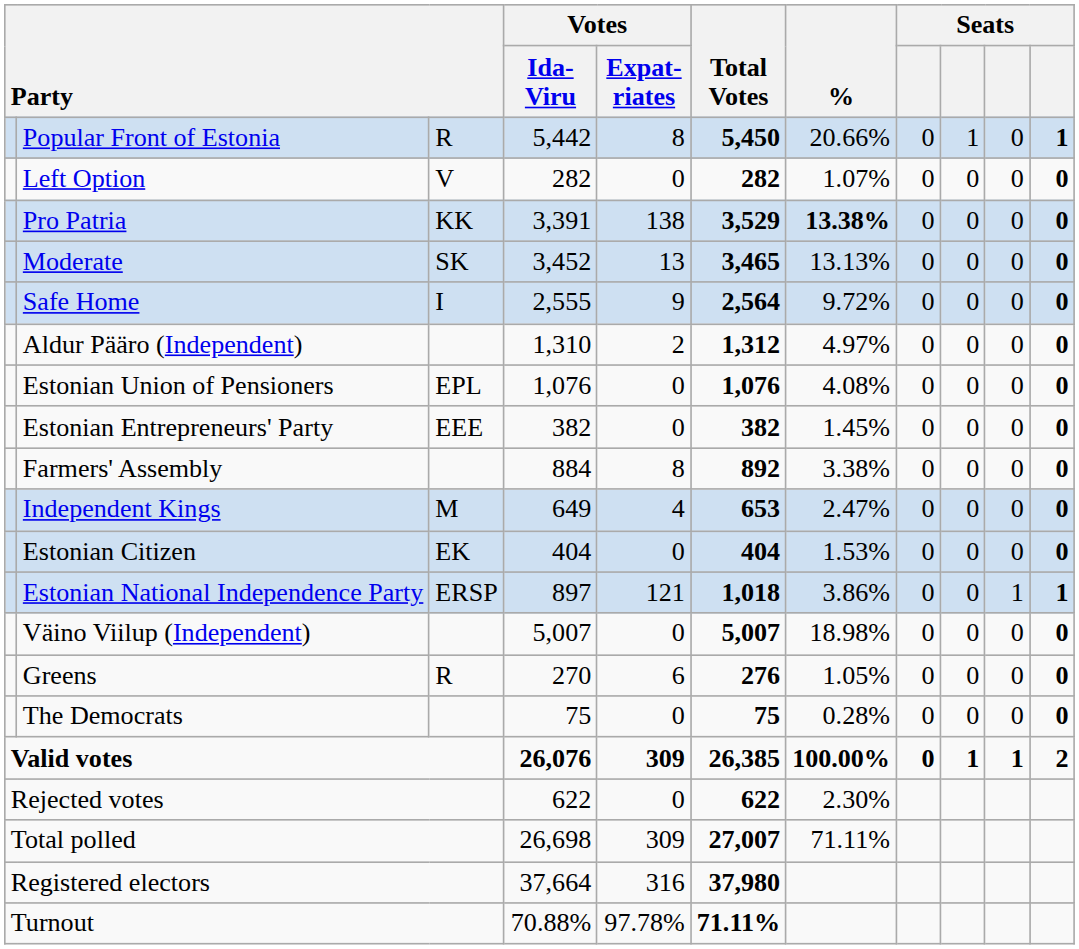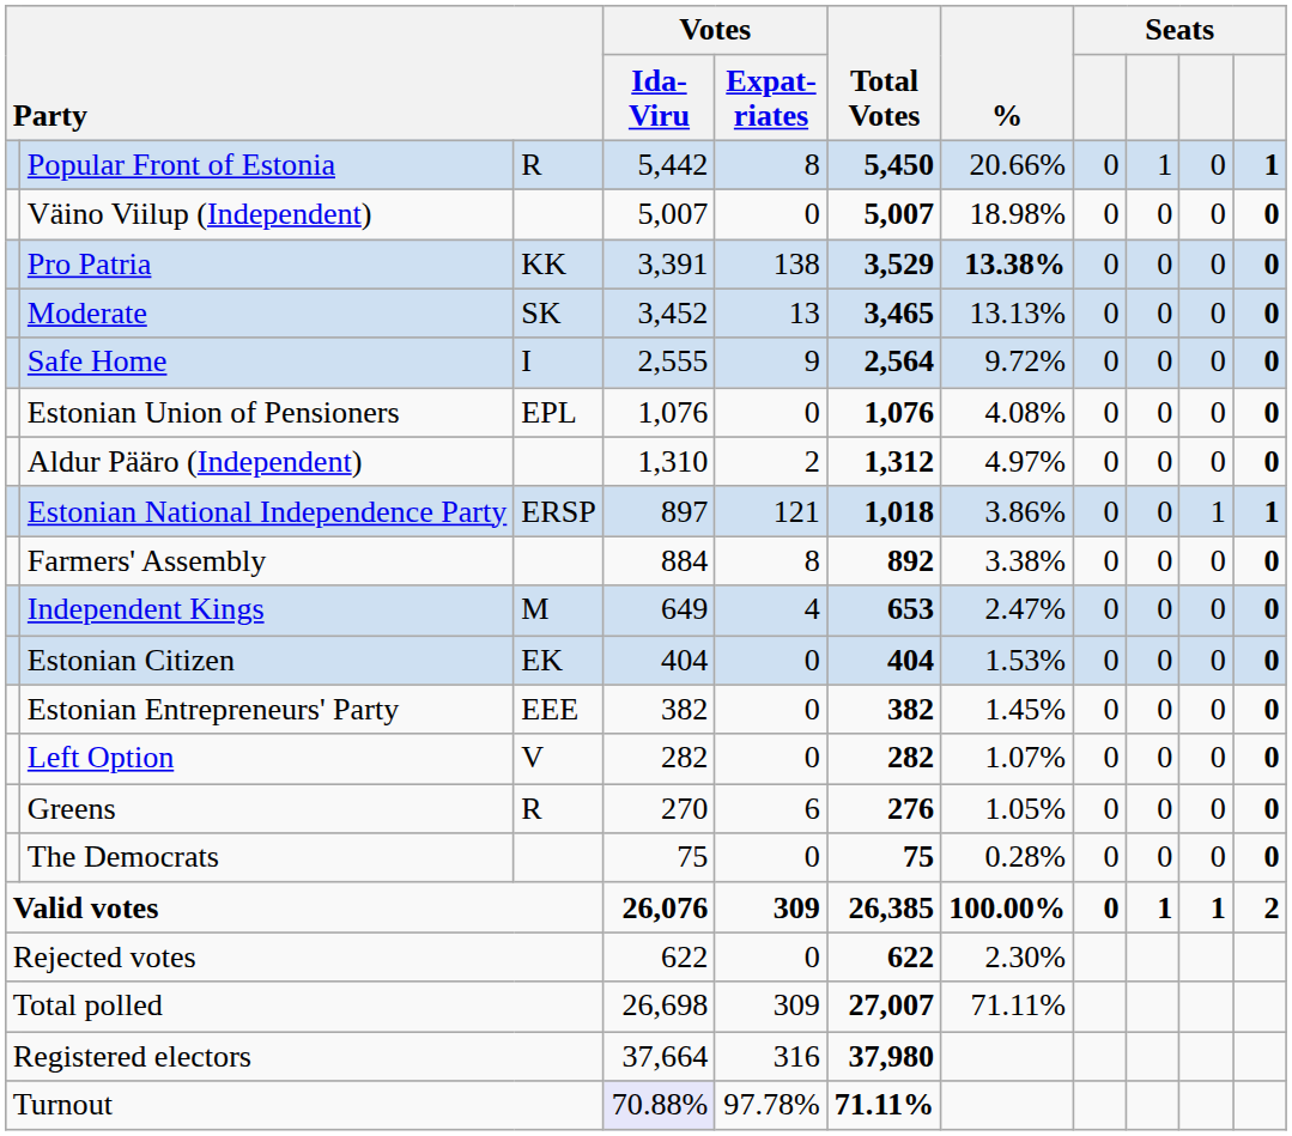 <table class="wikitable" border="1" style="text-align:right;">
 <tr>
 <th style="text-align:left;" valign=bottom rowspan=2 colspan=3>Party</th>
 <th colspan=2>Votes</th>
 <th align=center valign=bottom rowspan=2 width="50">Total Votes</th>
 <th align=center valign=bottom rowspan=2 width="50">%</th>
 <th colspan=4>Seats</th>
 </tr>
 <tr>
 <th align=center valign=bottom width="50"><a href='#'>Ida- Viru</a></th>
 <th align=center valign=bottom width="50"><a href='#'>Expat- riates</a></th>
 <th align=center valign=bottom width="20"><small></small></th>
 <th align=center valign=bottom width="20"><small></small></th>
 <th align=center valign=bottom width="20"><small></small></th>
 <th align=center valign=bottom width="20"><small></small></th>
 </tr>
 <tr style="background:#CEE0F2;">
 <td style="background:"></td>
 <td align=left><a href='#'>Popular Front of Estonia</a></td>
 <td align=left>R</td>
 <td>5,442</td>
 <td>8</td>
 <td><strong>5,450</strong></td>
 <td>20.66%</td>
 <td>0</td>
 <td>1</td>
 <td>0</td>
 <td><strong>1</strong></td>
 </tr>
 <tr>
 <td style="background:"></td>
-<td align=left><a href='#'>Left Option</a></td>
-<td align=left>V</td>
-<td>282</td>
+<td align=left>Väino Viilup (<a href='#'>Independent</a>)</td>
+<td></td>
+<td>5,007</td>
 <td>0</td>
-<td><strong>282</strong></td>
-<td>1.07%</td>
+<td><strong>5,007</strong></td>
+<td>18.98%</td>
 <td>0</td>
 <td>0</td>
 <td>0</td>
 <td><strong>0</strong></td>
 </tr>
 <tr style="background:#CEE0F2;">
 <td style="background:"></td>
 <td align=left><a href='#'>Pro Patria</a></td>
 <td align=left>KK</td>
 <td>3,391</td>
 <td>138</td>
 <td><strong>3,529</strong></td>
 <td><strong>13.38%</strong></td>
 <td>0</td>
 <td>0</td>
 <td>0</td>
 <td><strong>0</strong></td>
 </tr>
 <tr style="background:#CEE0F2;">
 <td style="background:"></td>
 <td align=left><a href='#'>Moderate</a></td>
 <td align=left>SK</td>
 <td>3,452</td>
 <td>13</td>
 <td><strong>3,465</strong></td>
 <td>13.13%</td>
 <td>0</td>
 <td>0</td>
 <td>0</td>
 <td><strong>0</strong></td>
 </tr>
 <tr style="background:#CEE0F2;">
 <td style="background:"></td>
 <td align=left><a href='#'>Safe Home</a></td>
 <td align=left>I</td>
 <td>2,555</td>
 <td>9</td>
 <td><strong>2,564</strong></td>
 <td>9.72%</td>
 <td>0</td>
 <td>0</td>
 <td>0</td>
 <td><strong>0</strong></td>
 </tr>
 <tr>
-<td style="background:"></td>
-<td align=left>Aldur Pääro (<a href='#'>Independent</a>)</td>
-<td></td>
-<td>1,310</td>
-<td>2</td>
-<td><strong>1,312</strong></td>
-<td>4.97%</td>
-<td>0</td>
-<td>0</td>
-<td>0</td>
-<td><strong>0</strong></td>
-</tr>
-<tr>
 <td></td>
 <td align=left>Estonian Union of Pensioners</td>
 <td align=left>EPL</td>
 <td>1,076</td>
 <td>0</td>
 <td><strong>1,076</strong></td>
 <td>4.08%</td>
 <td>0</td>
 <td>0</td>
 <td>0</td>
 <td><strong>0</strong></td>
 </tr>
 <tr>
+<td style="background:"></td>
+<td align=left>Aldur Pääro (<a href='#'>Independent</a>)</td>
 <td></td>
-<td align=left>Estonian Entrepreneurs' Party</td>
-<td align=left>EEE</td>
-<td>382</td>
-<td>0</td>
-<td><strong>382</strong></td>
-<td>1.45%</td>
+<td>1,310</td>
+<td>2</td>
+<td><strong>1,312</strong></td>
+<td>4.97%</td>
 <td>0</td>
 <td>0</td>
 <td>0</td>
 <td><strong>0</strong></td>
+</tr>
+<tr style="background:#CEE0F2;">
+<td></td>
+<td align=left><a href='#'>Estonian National Independence Party</a></td>
+<td align=left>ERSP</td>
+<td>897</td>
+<td>121</td>
+<td><strong>1,018</strong></td>
+<td>3.86%</td>
+<td>0</td>
+<td>0</td>
+<td>1</td>
+<td><strong>1</strong></td>
 </tr>
 <tr>
 <td></td>
 <td align=left>Farmers' Assembly</td>
 <td></td>
 <td>884</td>
 <td>8</td>
 <td><strong>892</strong></td>
 <td>3.38%</td>
 <td>0</td>
 <td>0</td>
 <td>0</td>
 <td><strong>0</strong></td>
 </tr>
 <tr style="background:#CEE0F2;">
 <td></td>
 <td align=left><a href='#'>Independent Kings</a></td>
 <td align=left>M</td>
 <td>649</td>
 <td>4</td>
 <td><strong>653</strong></td>
 <td>2.47%</td>
 <td>0</td>
 <td>0</td>
 <td>0</td>
 <td><strong>0</strong></td>
 </tr>
 <tr style="background:#CEE0F2;">
 <td></td>
 <td align=left>Estonian Citizen</td>
 <td align=left>EK</td>
 <td>404</td>
 <td>0</td>
 <td><strong>404</strong></td>
 <td>1.53%</td>
 <td>0</td>
 <td>0</td>
 <td>0</td>
 <td><strong>0</strong></td>
 </tr>
-<tr style="background:#CEE0F2;">
+<tr>
 <td></td>
-<td align=left><a href='#'>Estonian National Independence Party</a></td>
-<td align=left>ERSP</td>
-<td>897</td>
-<td>121</td>
-<td><strong>1,018</strong></td>
-<td>3.86%</td>
+<td align=left>Estonian Entrepreneurs' Party</td>
+<td align=left>EEE</td>
+<td>382</td>
+<td>0</td>
+<td><strong>382</strong></td>
+<td>1.45%</td>
 <td>0</td>
 <td>0</td>
-<td>1</td>
-<td><strong>1</strong></td>
+<td>0</td>
+<td><strong>0</strong></td>
 </tr>
 <tr>
 <td style="background:"></td>
-<td align=left>Väino Viilup (<a href='#'>Independent</a>)</td>
-<td></td>
-<td>5,007</td>
+<td align=left><a href='#'>Left Option</a></td>
+<td align=left>V</td>
+<td>282</td>
 <td>0</td>
-<td><strong>5,007</strong></td>
-<td>18.98%</td>
+<td><strong>282</strong></td>
+<td>1.07%</td>
 <td>0</td>
 <td>0</td>
 <td>0</td>
 <td><strong>0</strong></td>
 </tr>
 <tr>
 <td></td>
 <td align=left>Greens</td>
 <td align=left>R</td>
 <td>270</td>
 <td>6</td>
 <td><strong>276</strong></td>
 <td>1.05%</td>
 <td>0</td>
 <td>0</td>
 <td>0</td>
 <td><strong>0</strong></td>
 </tr>
 <tr>
 <td></td>
 <td align=left>The Democrats</td>
 <td></td>
 <td>75</td>
 <td>0</td>
 <td><strong>75</strong></td>
 <td>0.28%</td>
 <td>0</td>
 <td>0</td>
 <td>0</td>
 <td><strong>0</strong></td>
 </tr>
 <tr style="font-weight:bold">
 <td align=left colspan=3>Valid votes</td>
 <td>26,076</td>
 <td>309</td>
 <td>26,385</td>
 <td>100.00%</td>
 <td>0</td>
 <td>1</td>
 <td>1</td>
 <td>2</td>
 </tr>
 <tr>
 <td align=left colspan=3>Rejected votes</td>
 <td>622</td>
 <td>0</td>
 <td><strong>622</strong></td>
 <td>2.30%</td>
 <td></td>
 <td></td>
 <td></td>
 <td></td>
 </tr>
 <tr>
 <td align=left colspan=3>Total polled</td>
 <td>26,698</td>
 <td>309</td>
 <td><strong>27,007</strong></td>
 <td>71.11%</td>
 <td></td>
 <td></td>
 <td></td>
 <td></td>
 </tr>
 <tr>
 <td align=left colspan=3>Registered electors</td>
 <td>37,664</td>
 <td>316</td>
 <td><strong>37,980</strong></td>
 <td></td>
 <td></td>
 <td></td>
 <td></td>
 <td></td>
 </tr>
 <tr>
 <td align=left colspan=3>Turnout</td>
-<td>70.88%</td>
+<td style="background: lavender;">70.88%</td>
 <td>97.78%</td>
 <td><strong>71.11%</strong></td>
 <td></td>
 <td></td>
 <td></td>
 <td></td>
 <td></td>
 </tr>
 </table>
